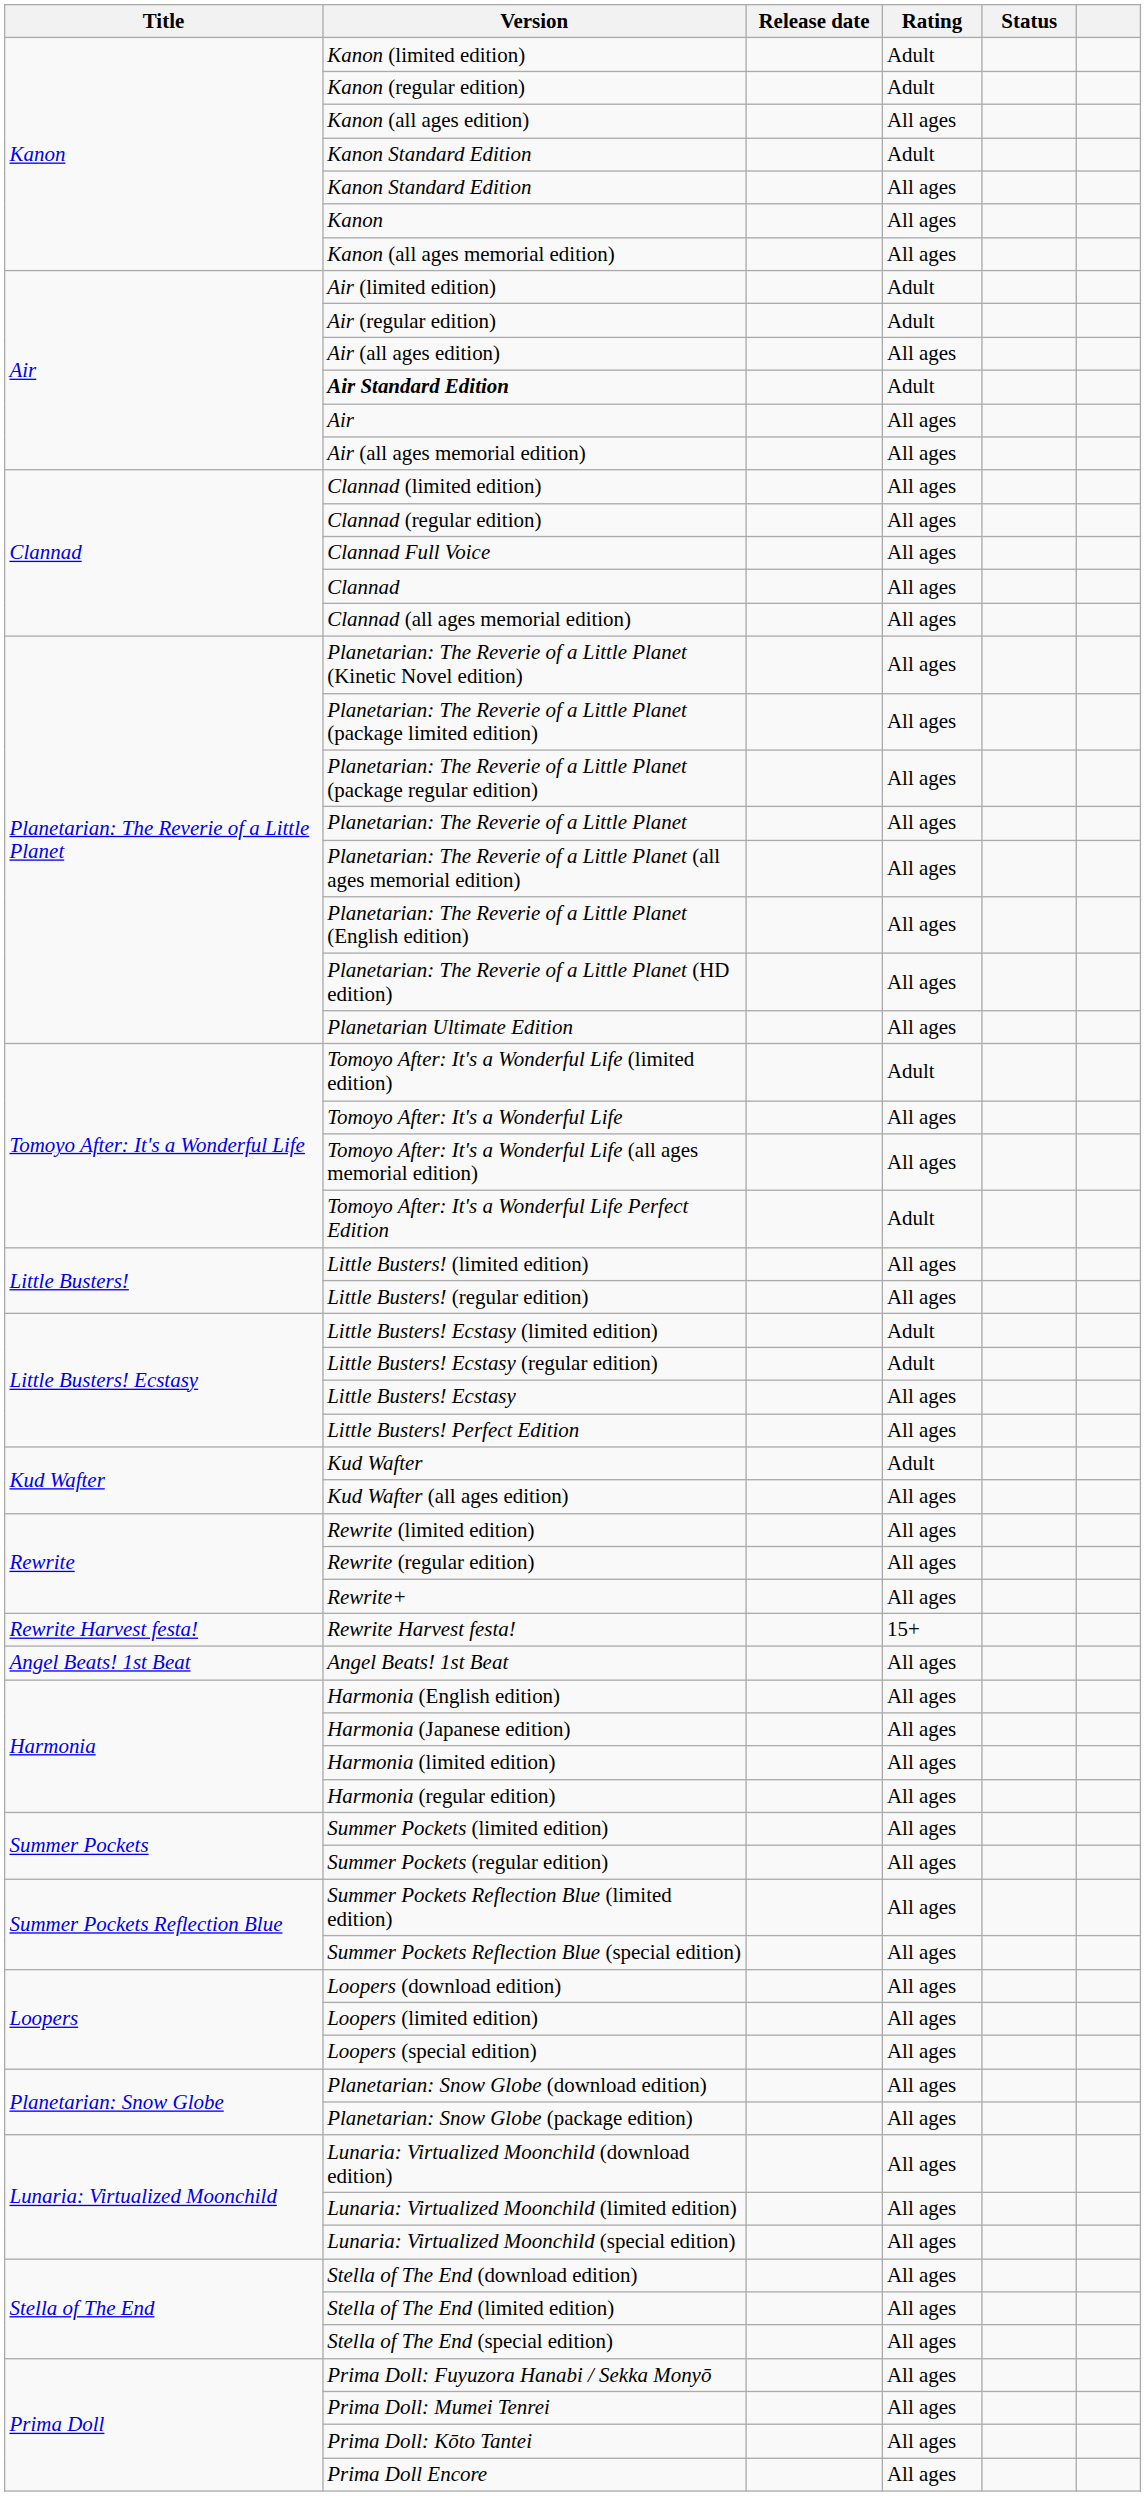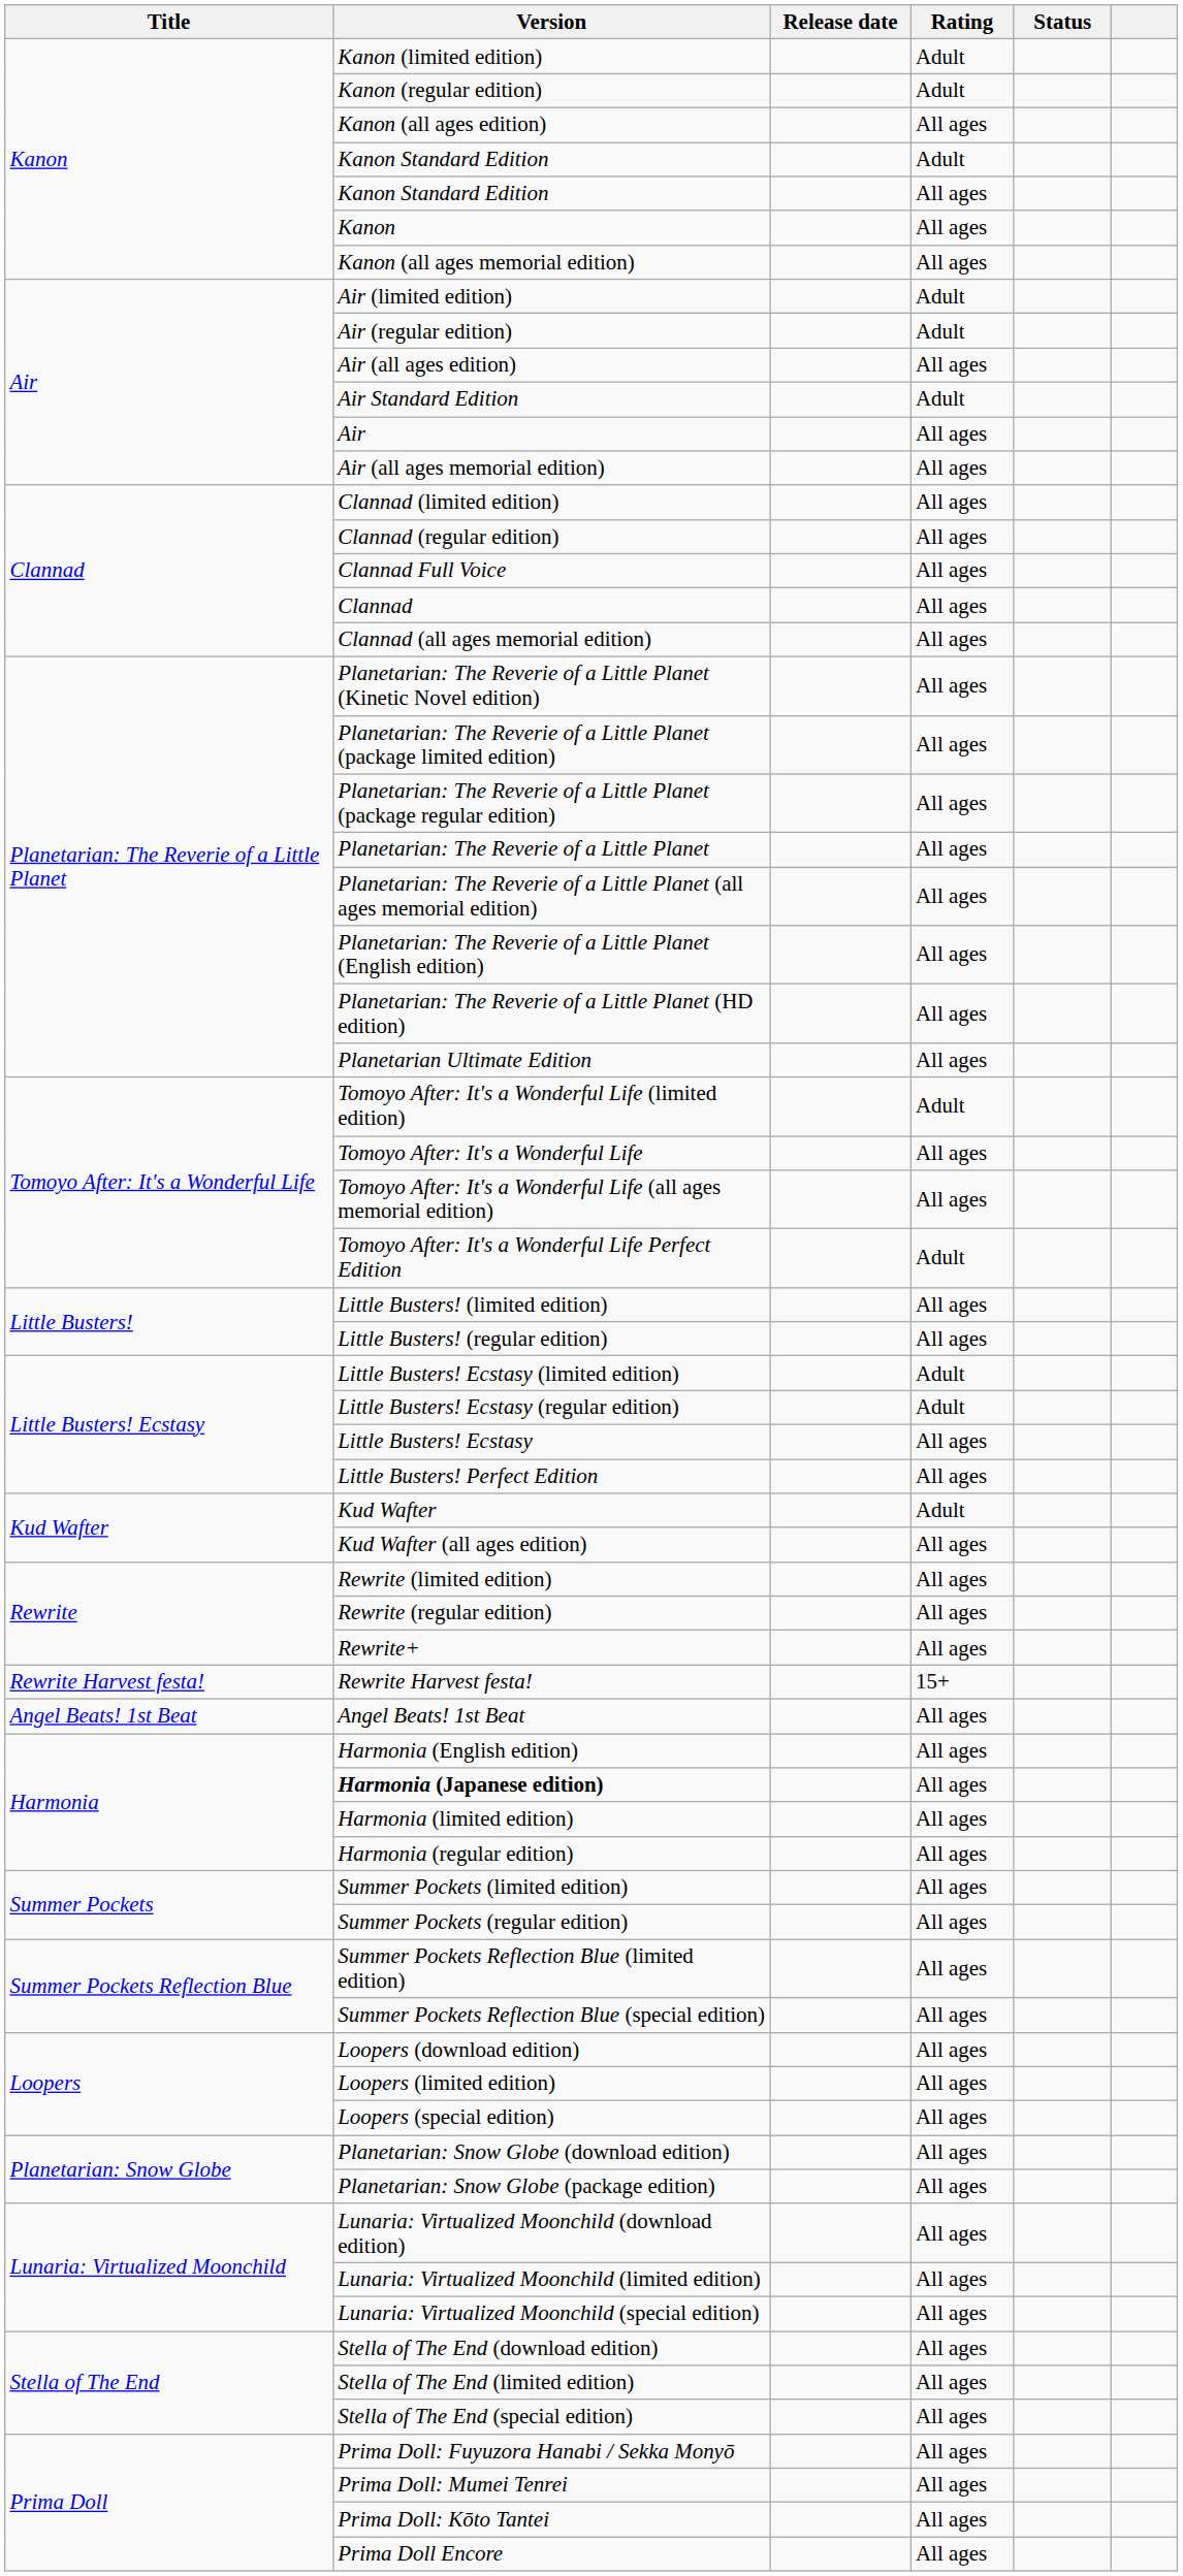 <table class="sortable wikitable">
 <tr>
 <th scope="col" width=15%>Title</th>
 <th scope="col" width=20%>Version</th>
 <th scope="col" width=6%>Release date</th>
 <th scope="col" width=3%>Rating</th>
 <th scope="col" width=3%>Status</th>
 <th scope="col" width=3%></th>
 </tr>
 <tr>
 <td rowspan="7"><em><a href='#'>Kanon</a></em></td>
 <td><em>Kanon</em> (limited edition)</td>
 <td></td>
 <td>Adult</td>
 <td></td>
 <td></td>
 </tr>
 <tr>
 <td><em>Kanon</em> (regular edition)</td>
 <td></td>
 <td>Adult</td>
 <td></td>
 <td></td>
 </tr>
 <tr>
 <td><em>Kanon</em> (all ages edition)</td>
 <td></td>
 <td>All ages</td>
 <td></td>
 <td></td>
 </tr>
 <tr>
 <td><em>Kanon Standard Edition</em></td>
 <td></td>
 <td>Adult</td>
 <td></td>
 <td></td>
 </tr>
 <tr>
 <td><em>Kanon Standard Edition</em></td>
 <td></td>
 <td>All ages</td>
 <td></td>
 <td></td>
 </tr>
 <tr>
 <td><em>Kanon</em></td>
 <td></td>
 <td>All ages</td>
 <td></td>
 <td></td>
 </tr>
 <tr>
 <td><em>Kanon</em> (all ages memorial edition)</td>
 <td></td>
 <td>All ages</td>
 <td></td>
 <td></td>
 </tr>
 <tr>
 <td rowspan="6"><em><a href='#'>Air</a></em></td>
 <td><em>Air</em> (limited edition)</td>
 <td></td>
 <td>Adult</td>
 <td></td>
 <td></td>
 </tr>
 <tr>
 <td><em>Air</em> (regular edition)</td>
 <td></td>
 <td>Adult</td>
 <td></td>
 <td></td>
 </tr>
 <tr>
 <td><em>Air</em> (all ages edition)</td>
 <td></td>
 <td>All ages</td>
 <td></td>
 <td></td>
 </tr>
 <tr>
-<td><strong><em>Air Standard Edition</em></strong></td>
+<td><em>Air Standard Edition</em></td>
 <td></td>
 <td>Adult</td>
 <td></td>
 <td></td>
 </tr>
 <tr>
 <td><em>Air</em></td>
 <td></td>
 <td>All ages</td>
 <td></td>
 <td></td>
 </tr>
 <tr>
 <td><em>Air</em> (all ages memorial edition)</td>
 <td></td>
 <td>All ages</td>
 <td></td>
 <td></td>
 </tr>
 <tr>
 <td rowspan="5"><em><a href='#'>Clannad</a></em></td>
 <td><em>Clannad</em> (limited edition)</td>
 <td></td>
 <td>All ages</td>
 <td></td>
 <td></td>
 </tr>
 <tr>
 <td><em>Clannad</em> (regular edition)</td>
 <td></td>
 <td>All ages</td>
 <td></td>
 <td></td>
 </tr>
 <tr>
 <td><em>Clannad Full Voice</em></td>
 <td></td>
 <td>All ages</td>
 <td></td>
 <td></td>
 </tr>
 <tr>
 <td><em>Clannad</em></td>
 <td></td>
 <td>All ages</td>
 <td></td>
 <td></td>
 </tr>
 <tr>
 <td><em>Clannad</em> (all ages memorial edition)</td>
 <td></td>
 <td>All ages</td>
 <td></td>
 <td></td>
 </tr>
 <tr>
 <td rowspan="8"><em><a href='#'>Planetarian: The Reverie of a Little Planet</a></em></td>
 <td><em>Planetarian: The Reverie of a Little Planet</em> (Kinetic Novel edition)</td>
 <td></td>
 <td>All ages</td>
 <td></td>
 <td></td>
 </tr>
 <tr>
 <td><em>Planetarian: The Reverie of a Little Planet</em> (package limited edition)</td>
 <td></td>
 <td>All ages</td>
 <td></td>
 <td></td>
 </tr>
 <tr>
 <td><em>Planetarian: The Reverie of a Little Planet</em> (package regular edition)</td>
 <td></td>
 <td>All ages</td>
 <td></td>
 <td></td>
 </tr>
 <tr>
 <td><em>Planetarian: The Reverie of a Little Planet</em></td>
 <td></td>
 <td>All ages</td>
 <td></td>
 <td></td>
 </tr>
 <tr>
 <td><em>Planetarian: The Reverie of a Little Planet</em> (all ages memorial edition)</td>
 <td></td>
 <td>All ages</td>
 <td></td>
 <td></td>
 </tr>
 <tr>
 <td><em>Planetarian: The Reverie of a Little Planet</em> (English edition)</td>
 <td></td>
 <td>All ages</td>
 <td></td>
 <td></td>
 </tr>
 <tr>
 <td><em>Planetarian: The Reverie of a Little Planet</em> (HD edition)</td>
 <td></td>
 <td>All ages</td>
 <td></td>
 <td></td>
 </tr>
 <tr>
 <td><em>Planetarian Ultimate Edition</em></td>
 <td></td>
 <td>All ages</td>
 <td></td>
 <td></td>
 </tr>
 <tr>
 <td rowspan="4"><em><a href='#'>Tomoyo After: It's a Wonderful Life</a></em></td>
 <td><em>Tomoyo After: It's a Wonderful Life</em> (limited edition)</td>
 <td></td>
 <td>Adult</td>
 <td></td>
 <td></td>
 </tr>
 <tr>
 <td><em>Tomoyo After: It's a Wonderful Life</em></td>
 <td></td>
 <td>All ages</td>
 <td></td>
 <td></td>
 </tr>
 <tr>
 <td><em>Tomoyo After: It's a Wonderful Life</em> (all ages memorial edition)</td>
 <td></td>
 <td>All ages</td>
 <td></td>
 <td></td>
 </tr>
 <tr>
 <td><em>Tomoyo After: It's a Wonderful Life Perfect Edition</em></td>
 <td></td>
 <td>Adult</td>
 <td></td>
 <td></td>
 </tr>
 <tr>
 <td rowspan="2"><em><a href='#'>Little Busters!</a></em></td>
 <td><em>Little Busters!</em> (limited edition)</td>
 <td></td>
 <td>All ages</td>
 <td></td>
 <td></td>
 </tr>
 <tr>
 <td><em>Little Busters!</em> (regular edition)</td>
 <td></td>
 <td>All ages</td>
 <td></td>
 <td></td>
 </tr>
 <tr>
 <td rowspan="4"><em><a href='#'>Little Busters! Ecstasy</a></em></td>
 <td><em>Little Busters! Ecstasy</em> (limited edition)</td>
 <td></td>
 <td>Adult</td>
 <td></td>
 <td></td>
 </tr>
 <tr>
 <td><em>Little Busters! Ecstasy</em> (regular edition)</td>
 <td></td>
 <td>Adult</td>
 <td></td>
 <td></td>
 </tr>
 <tr>
 <td><em>Little Busters! Ecstasy</em></td>
 <td></td>
 <td>All ages</td>
 <td></td>
 <td></td>
 </tr>
 <tr>
 <td><em>Little Busters! Perfect Edition</em></td>
 <td></td>
 <td>All ages</td>
 <td></td>
 <td></td>
 </tr>
 <tr>
 <td rowspan="2"><em><a href='#'>Kud Wafter</a></em></td>
 <td><em>Kud Wafter</em></td>
 <td></td>
 <td>Adult</td>
 <td></td>
 <td></td>
 </tr>
 <tr>
 <td><em>Kud Wafter</em> (all ages edition)</td>
 <td></td>
 <td>All ages</td>
 <td></td>
 <td></td>
 </tr>
 <tr>
 <td rowspan="3"><em><a href='#'>Rewrite</a></em></td>
 <td><em>Rewrite</em> (limited edition)</td>
 <td></td>
 <td>All ages</td>
 <td></td>
 <td></td>
 </tr>
 <tr>
 <td><em>Rewrite</em> (regular edition)</td>
 <td></td>
 <td>All ages</td>
 <td></td>
 <td></td>
 </tr>
 <tr>
 <td><em>Rewrite+</em></td>
 <td></td>
 <td>All ages</td>
 <td></td>
 <td></td>
 </tr>
 <tr>
 <td rowspan="1"><em><a href='#'>Rewrite Harvest festa!</a></em></td>
 <td><em>Rewrite Harvest festa!</em></td>
 <td></td>
 <td>15+</td>
 <td></td>
 <td></td>
 </tr>
 <tr>
 <td rowspan="1"><em><a href='#'>Angel Beats! 1st Beat</a></em></td>
 <td><em>Angel Beats! 1st Beat</em></td>
 <td></td>
 <td>All ages</td>
 <td></td>
 <td></td>
 </tr>
 <tr>
 <td rowspan="4"><em><a href='#'>Harmonia</a></em></td>
 <td><em>Harmonia</em> (English edition)</td>
 <td></td>
 <td>All ages</td>
 <td></td>
 <td></td>
 </tr>
 <tr>
-<td><em>Harmonia</em> (Japanese edition)</td>
+<td><strong><em>Harmonia</em> (Japanese edition)</strong></td>
 <td></td>
 <td>All ages</td>
 <td></td>
 <td></td>
 </tr>
 <tr>
 <td><em>Harmonia</em> (limited edition)</td>
 <td></td>
 <td>All ages</td>
 <td></td>
 <td></td>
 </tr>
 <tr>
 <td><em>Harmonia</em> (regular edition)</td>
 <td></td>
 <td>All ages</td>
 <td></td>
 <td></td>
 </tr>
 <tr>
 <td rowspan="2"><em><a href='#'>Summer Pockets</a></em></td>
 <td><em>Summer Pockets</em> (limited edition)</td>
 <td></td>
 <td>All ages</td>
 <td></td>
 <td></td>
 </tr>
 <tr>
 <td><em>Summer Pockets</em> (regular edition)</td>
 <td></td>
 <td>All ages</td>
 <td></td>
 <td></td>
 </tr>
 <tr>
 <td rowspan="2"><em><a href='#'>Summer Pockets Reflection Blue</a></em></td>
 <td><em>Summer Pockets Reflection Blue</em> (limited edition)</td>
 <td></td>
 <td>All ages</td>
 <td></td>
 <td></td>
 </tr>
 <tr>
 <td><em>Summer Pockets Reflection Blue</em> (special edition)</td>
 <td></td>
 <td>All ages</td>
 <td></td>
 <td></td>
 </tr>
 <tr>
 <td rowspan="3"><em><a href='#'>Loopers</a></em></td>
 <td><em>Loopers</em> (download edition)</td>
 <td></td>
 <td>All ages</td>
 <td></td>
 <td></td>
 </tr>
 <tr>
 <td><em>Loopers</em> (limited edition)</td>
 <td></td>
 <td>All ages</td>
 <td></td>
 <td></td>
 </tr>
 <tr>
 <td><em>Loopers</em> (special edition)</td>
 <td></td>
 <td>All ages</td>
 <td></td>
 <td></td>
 </tr>
 <tr>
 <td rowspan="2"><em><a href='#'>Planetarian: Snow Globe</a></em></td>
 <td><em>Planetarian: Snow Globe</em> (download edition)</td>
 <td></td>
 <td>All ages</td>
 <td></td>
 <td></td>
 </tr>
 <tr>
 <td><em>Planetarian: Snow Globe</em> (package edition)</td>
 <td></td>
 <td>All ages</td>
 <td></td>
 <td></td>
 </tr>
 <tr>
 <td rowspan="3"><em><a href='#'>Lunaria: Virtualized Moonchild</a></em></td>
 <td><em>Lunaria: Virtualized Moonchild</em> (download edition)</td>
 <td></td>
 <td>All ages</td>
 <td></td>
 <td></td>
 </tr>
 <tr>
 <td><em>Lunaria: Virtualized Moonchild</em> (limited edition)</td>
 <td></td>
 <td>All ages</td>
 <td></td>
 <td></td>
 </tr>
 <tr>
 <td><em>Lunaria: Virtualized Moonchild</em> (special edition)</td>
 <td></td>
 <td>All ages</td>
 <td></td>
 <td></td>
 </tr>
 <tr>
 <td rowspan="3"><em><a href='#'>Stella of The End</a></em></td>
 <td><em>Stella of The End</em> (download edition)</td>
 <td></td>
 <td>All ages</td>
 <td></td>
 <td></td>
 </tr>
 <tr>
 <td><em>Stella of The End</em> (limited edition)</td>
 <td></td>
 <td>All ages</td>
 <td></td>
 <td></td>
 </tr>
 <tr>
 <td><em>Stella of The End</em> (special edition)</td>
 <td></td>
 <td>All ages</td>
 <td></td>
 <td></td>
 </tr>
 <tr>
 <td rowspan="4"><em><a href='#'>Prima Doll</a></em></td>
 <td><em>Prima Doll: Fuyuzora Hanabi / Sekka Monyō</em></td>
 <td></td>
 <td>All ages</td>
 <td></td>
 <td></td>
 </tr>
 <tr>
 <td><em>Prima Doll: Mumei Tenrei</em></td>
 <td></td>
 <td>All ages</td>
 <td></td>
 <td></td>
 </tr>
 <tr>
 <td><em>Prima Doll: Kōto Tantei</em></td>
 <td></td>
 <td>All ages</td>
 <td></td>
 <td></td>
 </tr>
 <tr>
 <td><em>Prima Doll Encore</em></td>
 <td></td>
 <td>All ages</td>
 <td></td>
 <td></td>
 </tr>
 </table>
